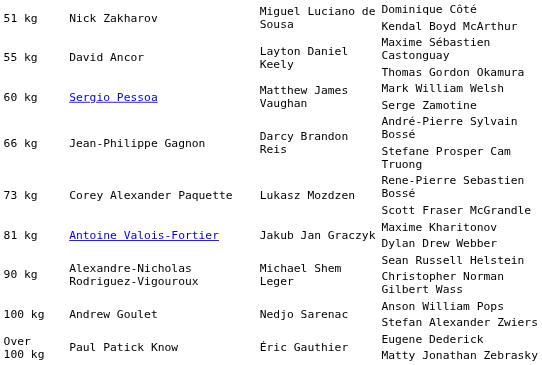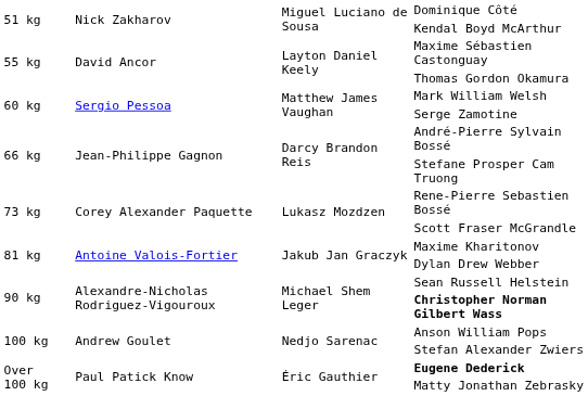 <table>
 <tr>
 <td rowspan=2>51 kg</td>
 <td rowspan=2> Nick Zakharov</td>
 <td rowspan=2> Miguel Luciano de Sousa</td>
 <td> Dominique Côté</td>
 </tr>
 <tr>
 <td> Kendal Boyd McArthur</td>
 </tr>
 <tr>
 <td rowspan=2>55 kg</td>
 <td rowspan=2> David Ancor</td>
 <td rowspan=2> Layton Daniel Keely</td>
 <td> Maxime Sébastien Castonguay</td>
 </tr>
 <tr>
 <td> Thomas Gordon Okamura</td>
 </tr>
 <tr>
 <td rowspan=2>60 kg</td>
 <td rowspan=2> <a href='#'>Sergio Pessoa</a></td>
 <td rowspan=2> Matthew James Vaughan</td>
 <td> Mark William Welsh</td>
 </tr>
 <tr>
 <td> Serge Zamotine</td>
 </tr>
 <tr>
 <td rowspan=2>66 kg</td>
 <td rowspan=2> Jean-Philippe Gagnon</td>
 <td rowspan=2> Darcy Brandon Reis</td>
 <td> André-Pierre Sylvain Bossé</td>
 </tr>
 <tr>
 <td> Stefane Prosper Cam Truong</td>
 </tr>
 <tr>
 <td rowspan=2>73 kg</td>
 <td rowspan=2> Corey Alexander Paquette</td>
 <td rowspan=2> Lukasz Mozdzen</td>
 <td> Rene-Pierre Sebastien Bossé</td>
 </tr>
 <tr>
 <td> Scott Fraser McGrandle</td>
 </tr>
 <tr>
 <td rowspan=2>81 kg</td>
 <td rowspan=2> <a href='#'>Antoine Valois-Fortier</a></td>
 <td rowspan=2> Jakub Jan Graczyk</td>
 <td> Maxime Kharitonov</td>
 </tr>
 <tr>
 <td> Dylan Drew Webber</td>
 </tr>
 <tr>
 <td rowspan=2>90 kg</td>
 <td rowspan=2> Alexandre-Nicholas Rodriguez-Vigouroux</td>
 <td rowspan=2> Michael Shem Leger</td>
 <td> Sean Russell Helstein</td>
 </tr>
 <tr>
-<td> Christopher Norman Gilbert Wass</td>
+<td><strong> Christopher Norman Gilbert Wass</strong></td>
 </tr>
 <tr>
 <td rowspan=2>100 kg</td>
 <td rowspan=2> Andrew Goulet</td>
 <td rowspan=2> Nedjo Sarenac</td>
 <td> Anson William Pops</td>
 </tr>
 <tr>
 <td> Stefan Alexander Zwiers</td>
 </tr>
 <tr>
 <td rowspan=2>Over 100 kg</td>
 <td rowspan=2> Paul Patick Know</td>
 <td rowspan=2> Éric Gauthier</td>
-<td> Eugene Dederick</td>
+<td><strong> Eugene Dederick</strong></td>
 </tr>
 <tr>
 <td> Matty Jonathan Zebrasky</td>
 </tr>
 </table>
